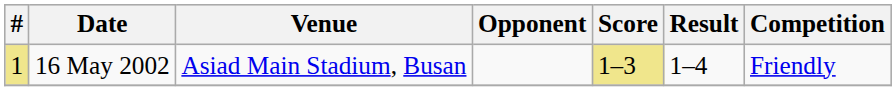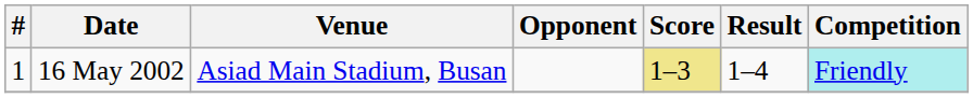 <table class="wikitable">
 <tr>
 <th>#</th>
 <th>Date</th>
 <th>Venue</th>
 <th>Opponent</th>
 <th>Score</th>
 <th>Result</th>
 <th>Competition</th>
 </tr>
 <tr>
-<td style="background: khaki;">1</td>
+<td>1</td>
 <td>16 May 2002</td>
 <td><a href='#'>Asiad Main Stadium</a>, <a href='#'>Busan</a></td>
 <td></td>
 <td style="background: khaki;">1–3</td>
 <td>1–4</td>
-<td><a href='#'>Friendly</a></td>
+<td style="background: paleturquoise;"><a href='#'>Friendly</a></td>
 </tr>
 <tr>
 </tr>
 </table>
